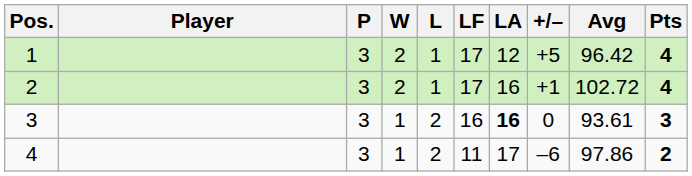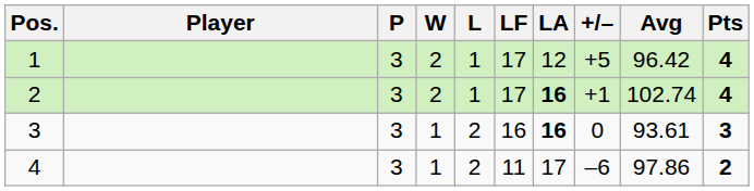 <table class="wikitable" style="text-align:center; margin: 1em auto 1em auto, align:left">
 <tr>
 <th width=20>Pos.</th>
 <th width=212>Player</th>
 <th width=20>P</th>
 <th width=20>W</th>
 <th width=20>L</th>
 <th width=20>LF</th>
 <th width=20>LA</th>
 <th width=25>+/–</th>
 <th width=50>Avg</th>
 <th width=20>Pts</th>
 </tr>
 <tr style="background:#D0F0C0;">
 <td>1</td>
 <td align=left></td>
 <td>3</td>
 <td>2</td>
 <td>1</td>
 <td>17</td>
 <td>12</td>
 <td>+5</td>
 <td>96.42</td>
 <td><strong>4</strong></td>
 </tr>
 <tr style="background:#D0F0C0;">
 <td>2</td>
 <td align=left></td>
 <td>3</td>
 <td>2</td>
 <td>1</td>
 <td>17</td>
-<td>16</td>
+<td><strong>16</strong></td>
 <td>+1</td>
-<td>102.72</td>
+<td>102.74</td>
 <td><strong>4</strong></td>
 </tr>
 <tr style=>
 <td>3</td>
 <td align=left></td>
 <td>3</td>
 <td>1</td>
 <td>2</td>
 <td>16</td>
 <td><strong>16</strong></td>
 <td>0</td>
 <td>93.61</td>
 <td><strong>3</strong></td>
 </tr>
 <tr style=>
 <td>4</td>
 <td align=left></td>
 <td>3</td>
 <td>1</td>
 <td>2</td>
 <td>11</td>
 <td>17</td>
 <td>–6</td>
 <td>97.86</td>
 <td><strong>2</strong></td>
 </tr>
 </table>
